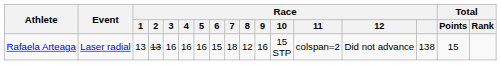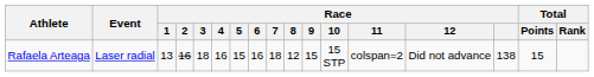 <table class=wikitable style=font-size:90%;text-align:center>
 <tr>
 <th rowspan=2>Athlete</th>
 <th rowspan=2>Event</th>
 <th colspan=13>Race</th>
 <th colspan=2>Total</th>
 </tr>
 <tr style=font-size:95%>
 <th>1</th>
 <th>2</th>
 <th>3</th>
 <th>4</th>
 <th>5</th>
 <th>6</th>
 <th>7</th>
 <th>8</th>
 <th>9</th>
 <th>10</th>
 <th>11</th>
 <th>12</th>
 <th></th>
 <th>Points</th>
 <th>Rank</th>
 </tr>
 <tr>
 <td align=left><a href='#'>Rafaela Arteaga</a></td>
 <td align=left><a href='#'>Laser radial</a></td>
 <td>13</td>
-<td><s>13</s></td>
-<td>16</td>
-<td>16</td>
+<td><s>16</s></td>
+<td>18</td>
 <td>16</td>
 <td>15</td>
+<td>16</td>
 <td>18</td>
 <td>12</td>
-<td>16</td>
+<td>15</td>
 <td>15<br>STP</td>
 <td>colspan=2 </td>
 <td>Did not advance</td>
 <td>138</td>
 <td>15</td>
 </tr>
 </table>
